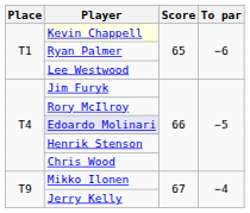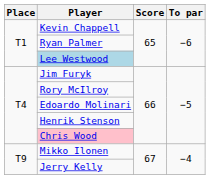 <table class="wikitable">
 <tr>
 <th>Place</th>
 <th>Player</th>
 <th>Score</th>
 <th>To par</th>
 </tr>
 <tr>
 <td align=center rowspan=3>T1</td>
-<td style="background: lightyellow;"> <a href='#'>Kevin Chappell</a></td>
+<td> <a href='#'>Kevin Chappell</a></td>
 <td align=center rowspan=3>65</td>
 <td align=center rowspan=3>−6</td>
 </tr>
 <tr>
 <td> <a href='#'>Ryan Palmer</a></td>
 </tr>
 <tr>
-<td> <a href='#'>Lee Westwood</a></td>
+<td style="background: lightblue;"> <a href='#'>Lee Westwood</a></td>
 </tr>
 <tr>
 <td align=center rowspan=5>T4</td>
 <td> <a href='#'>Jim Furyk</a></td>
 <td align=center rowspan=5>66</td>
 <td align=center rowspan=5>−5</td>
 </tr>
 <tr>
 <td> <a href='#'>Rory McIlroy</a></td>
 </tr>
 <tr>
-<td style="background: lavender;"> <a href='#'>Edoardo Molinari</a></td>
+<td> <a href='#'>Edoardo Molinari</a></td>
 </tr>
 <tr>
 <td> <a href='#'>Henrik Stenson</a></td>
 </tr>
 <tr>
-<td> <a href='#'>Chris Wood</a></td>
+<td style="background: pink;"> <a href='#'>Chris Wood</a></td>
 </tr>
 <tr>
 <td align=center rowspan=2>T9</td>
 <td> <a href='#'>Mikko Ilonen</a></td>
 <td align=center rowspan=2>67</td>
 <td align=center rowspan=2>−4</td>
 </tr>
 <tr>
 <td> <a href='#'>Jerry Kelly</a></td>
 </tr>
 </table>
